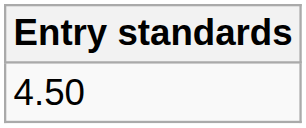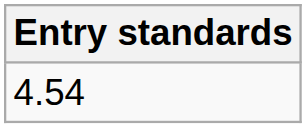 <table class="wikitable" border="1" align="upright">
 <tr>
 <th>Entry standards</th>
 </tr>
 <tr>
-<td>4.50</td>
+<td>4.54</td>
 </tr>
 </table>
